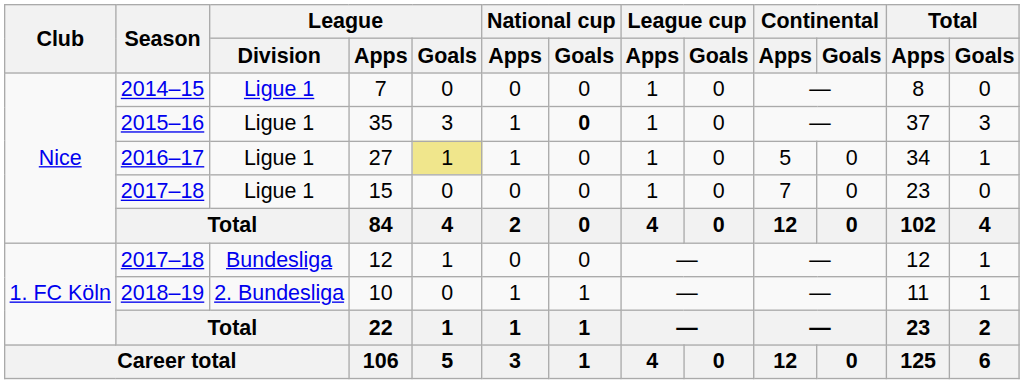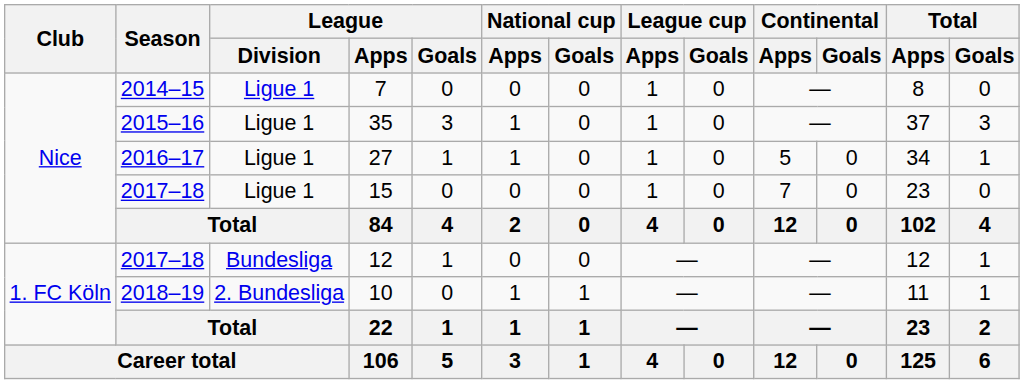 <table class="wikitable" style="text-align: center">
 <tr>
 <th rowspan=2>Club</th>
 <th rowspan=2>Season</th>
 <th colspan=3>League</th>
 <th colspan=2>National cup</th>
 <th colspan=2>League cup</th>
 <th colspan=2>Continental</th>
 <th colspan=2>Total</th>
 </tr>
 <tr>
 <th>Division</th>
 <th>Apps</th>
 <th>Goals</th>
 <th>Apps</th>
 <th>Goals</th>
 <th>Apps</th>
 <th>Goals</th>
 <th>Apps</th>
 <th>Goals</th>
 <th>Apps</th>
 <th>Goals</th>
 </tr>
 <tr>
 <td rowspan=5><a href='#'>Nice</a></td>
 <td><a href='#'>2014–15</a></td>
 <td><a href='#'>Ligue 1</a></td>
 <td>7</td>
 <td>0</td>
 <td>0</td>
 <td>0</td>
 <td>1</td>
 <td>0</td>
 <td colspan=2>—</td>
 <td>8</td>
 <td>0</td>
 </tr>
 <tr>
 <td><a href='#'>2015–16</a></td>
 <td>Ligue 1</td>
 <td>35</td>
 <td>3</td>
 <td>1</td>
-<td><strong>0</strong></td>
+<td>0</td>
 <td>1</td>
 <td>0</td>
 <td colspan=2>—</td>
 <td>37</td>
 <td>3</td>
 </tr>
 <tr>
 <td><a href='#'>2016–17</a></td>
 <td>Ligue 1</td>
 <td>27</td>
-<td style="background: khaki;">1</td>
+<td>1</td>
 <td>1</td>
 <td>0</td>
 <td>1</td>
 <td>0</td>
 <td>5</td>
 <td>0</td>
 <td>34</td>
 <td>1</td>
 </tr>
 <tr>
 <td><a href='#'>2017–18</a></td>
 <td>Ligue 1</td>
 <td>15</td>
 <td>0</td>
 <td>0</td>
 <td>0</td>
 <td>1</td>
 <td>0</td>
 <td>7</td>
 <td>0</td>
 <td>23</td>
 <td>0</td>
 </tr>
 <tr>
 <th colspan=2!>Total</th>
 <th>84</th>
 <th>4</th>
 <th>2</th>
 <th>0</th>
 <th>4</th>
 <th>0</th>
 <th>12</th>
 <th>0</th>
 <th>102</th>
 <th>4</th>
 </tr>
 <tr>
 <td rowspan=3><a href='#'>1. FC Köln</a></td>
 <td><a href='#'>2017–18</a></td>
 <td><a href='#'>Bundesliga</a></td>
 <td>12</td>
 <td>1</td>
 <td>0</td>
 <td>0</td>
 <td colspan=2>—</td>
 <td colspan=2>—</td>
 <td>12</td>
 <td>1</td>
 </tr>
 <tr>
 <td><a href='#'>2018–19</a></td>
 <td><a href='#'>2. Bundesliga</a></td>
 <td>10</td>
 <td>0</td>
 <td>1</td>
 <td>1</td>
 <td colspan=2>—</td>
 <td colspan=2>—</td>
 <td>11</td>
 <td>1</td>
 </tr>
 <tr>
 <th colspan=2!>Total</th>
 <th>22</th>
 <th>1</th>
 <th>1</th>
 <th>1</th>
 <th colspan=2>—</th>
 <th colspan=2>—</th>
 <th>23</th>
 <th>2</th>
 </tr>
 <tr>
 <th colspan=3!>Career total</th>
 <th>106</th>
 <th>5</th>
 <th>3</th>
 <th>1</th>
 <th>4</th>
 <th>0</th>
 <th>12</th>
 <th>0</th>
 <th>125</th>
 <th>6</th>
 </tr>
 </table>
